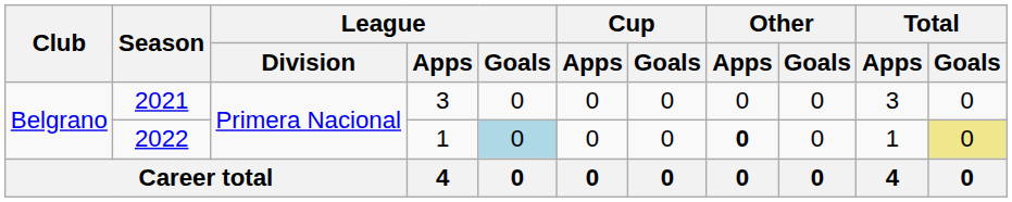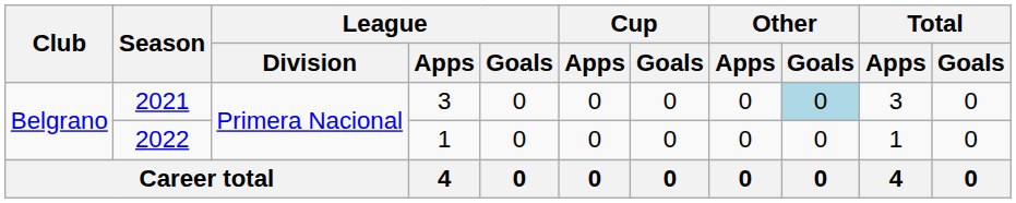 <table class="wikitable" style="text-align: center">
 <tr>
 <th rowspan="2">Club</th>
 <th rowspan="2">Season</th>
 <th colspan="3">League</th>
 <th colspan="2">Cup</th>
 <th colspan="2">Other</th>
 <th colspan="2">Total</th>
 </tr>
 <tr>
 <th>Division</th>
 <th>Apps</th>
 <th>Goals</th>
 <th>Apps</th>
 <th>Goals</th>
 <th>Apps</th>
 <th>Goals</th>
 <th>Apps</th>
 <th>Goals</th>
 </tr>
 <tr>
 <td rowspan="2"><a href='#'>Belgrano</a></td>
 <td><a href='#'>2021</a></td>
 <td rowspan="2"><a href='#'>Primera Nacional</a></td>
 <td>3</td>
 <td>0</td>
 <td>0</td>
 <td>0</td>
 <td>0</td>
-<td>0</td>
+<td style="background: lightblue;">0</td>
 <td>3</td>
 <td>0</td>
 </tr>
 <tr>
 <td><a href='#'>2022</a></td>
 <td>1</td>
-<td style="background: lightblue;">0</td>
 <td>0</td>
 <td>0</td>
-<td><strong>0</strong></td>
+<td>0</td>
+<td>0</td>
 <td>0</td>
 <td>1</td>
-<td style="background: khaki;">0</td>
+<td>0</td>
 </tr>
 <tr>
 <th colspan=3>Career total</th>
 <th>4</th>
 <th>0</th>
 <th>0</th>
 <th>0</th>
 <th>0</th>
 <th>0</th>
 <th>4</th>
 <th>0</th>
 </tr>
 </table>
